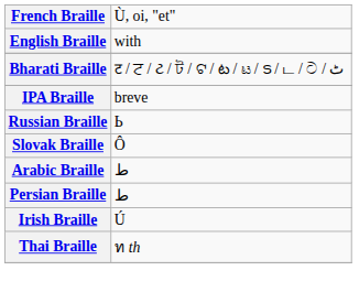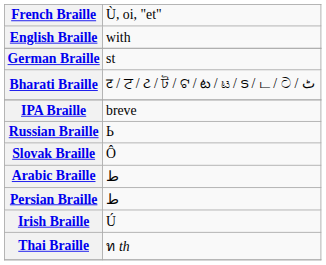 <table class="wikitable">
 <tr>
 <th align=left><a href='#'>French Braille</a></th>
 <td>Ù, oi, "et"</td>
 </tr>
 <tr>
 <th align=left><a href='#'>English Braille</a></th>
 <td>with</td>
 </tr>
 <tr>
+</tr>
+<tr>
+<th align=left><a href='#'>German Braille</a></th>
+<td>st</td>
 </tr>
 <tr>
 <th align=left><a href='#'>Bharati Braille</a></th>
 <td>ट / ਟ / ટ / ট / ଟ / ట / ಟ / ട / ட / ට / ٹ ‎</td>
 </tr>
 <tr>
 </tr>
 <tr>
 <th align=left><a href='#'>IPA Braille</a></th>
 <td>breve</td>
 </tr>
 <tr>
 <th align=left><a href='#'>Russian Braille</a></th>
 <td>Ь</td>
 </tr>
 <tr>
 <th align=left><a href='#'>Slovak Braille</a></th>
 <td>Ô</td>
 </tr>
 <tr>
 <th align=left><a href='#'>Arabic Braille</a></th>
 <td>ط</td>
 </tr>
 <tr>
 <th align=left><a href='#'>Persian Braille</a></th>
 <td>ط</td>
 </tr>
 <tr>
 <th align=left><a href='#'>Irish Braille</a></th>
 <td>Ú</td>
 </tr>
 <tr>
 <th align=left><a href='#'>Thai Braille</a></th>
 <td>ท <em>th</em></td>
 </tr>
 <tr>
 </tr>
 </table>
